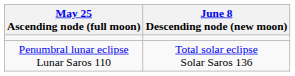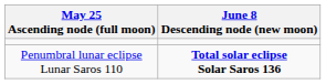 <table class="wikitable">
 <tr>
 <th><a href='#'>May 25</a><br>Ascending node (full moon)</th>
 <th><a href='#'>June 8</a><br>Descending node (new moon)</th>
 </tr>
 <tr>
 <td></td>
 <td></td>
 </tr>
 <tr align=center>
 <td><a href='#'>Penumbral lunar eclipse</a><br>Lunar Saros 110</td>
-<td><a href='#'>Total solar eclipse</a><br>Solar Saros 136</td>
+<td><strong><a href='#'>Total solar eclipse</a><br>Solar Saros 136</strong></td>
 </tr>
 </table>
